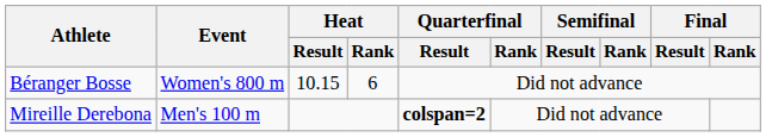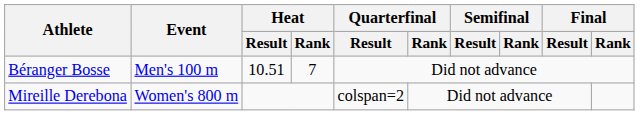 <table class=wikitable style="font-size:90%">
 <tr>
 <th rowspan="2">Athlete</th>
 <th rowspan="2">Event</th>
 <th colspan="2">Heat</th>
 <th colspan="2">Quarterfinal</th>
 <th colspan="2">Semifinal</th>
 <th colspan="2">Final</th>
 </tr>
 <tr style="font-size:95%">
 <th>Result</th>
 <th>Rank</th>
 <th>Result</th>
 <th>Rank</th>
 <th>Result</th>
 <th>Rank</th>
 <th>Result</th>
 <th>Rank</th>
 </tr>
 <tr align=center>
 <td align=left><a href='#'>Béranger Bosse</a></td>
-<td align=left><a href='#'>Women's 800 m</a></td>
-<td>10.15</td>
-<td>6</td>
+<td align=left><a href='#'>Men's 100 m</a></td>
+<td>10.51</td>
+<td>7</td>
 <td colspan=6>Did not advance</td>
 </tr>
 <tr align=center>
 <td align=left><a href='#'>Mireille Derebona</a></td>
-<td align=left><a href='#'>Men's 100 m</a></td>
+<td align=left><a href='#'>Women's 800 m</a></td>
 <td colspan=2></td>
-<td><strong>colspan=2 </strong></td>
+<td>colspan=2 </td>
 <td colspan=4>Did not advance</td>
 </tr>
 </table>
